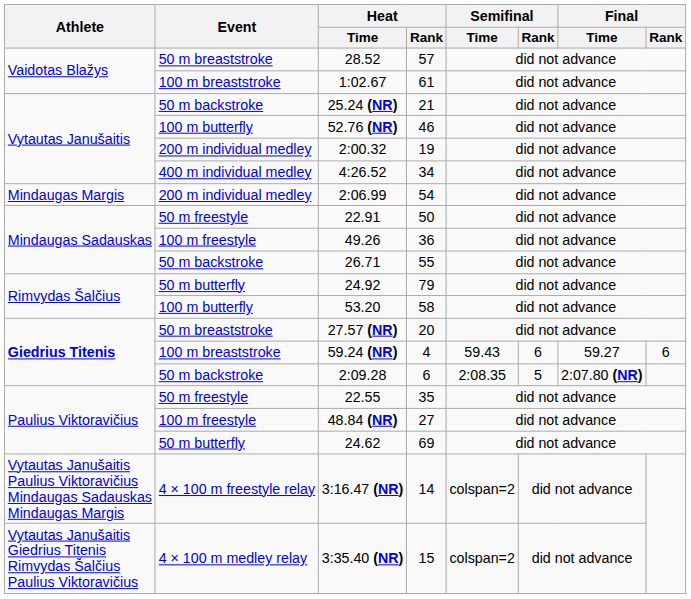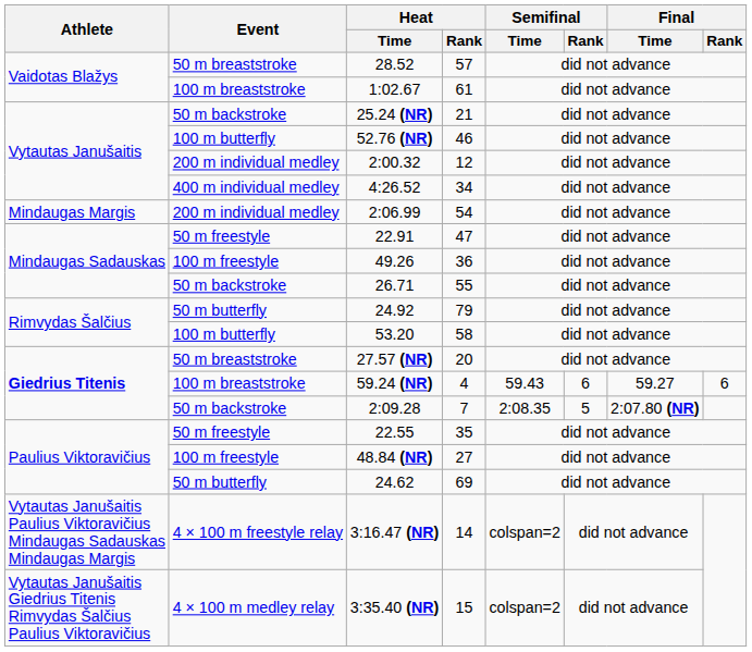 <table class=wikitable style="font-size:90%">
 <tr>
 <th rowspan="2">Athlete</th>
 <th rowspan="2">Event</th>
 <th colspan="2">Heat</th>
 <th colspan="2">Semifinal</th>
 <th colspan="2">Final</th>
 </tr>
 <tr style="font-size:95%">
 <th>Time</th>
 <th>Rank</th>
 <th>Time</th>
 <th>Rank</th>
 <th>Time</th>
 <th>Rank</th>
 </tr>
 <tr align=center>
 <td align=left rowspan=2><a href='#'>Vaidotas Blažys</a></td>
 <td align=left><a href='#'>50 m breaststroke</a></td>
 <td>28.52</td>
 <td>57</td>
 <td colspan=4>did not advance</td>
 </tr>
 <tr align=center>
 <td align=left><a href='#'>100 m breaststroke</a></td>
 <td>1:02.67</td>
 <td>61</td>
 <td colspan=4>did not advance</td>
 </tr>
 <tr align=center>
 <td align=left rowspan=4><a href='#'>Vytautas Janušaitis</a></td>
 <td align=left><a href='#'>50 m backstroke</a></td>
 <td>25.24 <strong>(<a href='#'>NR</a>)</strong></td>
 <td>21</td>
 <td colspan=4>did not advance</td>
 </tr>
 <tr align=center>
 <td align=left><a href='#'>100 m butterfly</a></td>
 <td>52.76 <strong>(<a href='#'>NR</a>)</strong></td>
 <td>46</td>
 <td colspan=4>did not advance</td>
 </tr>
 <tr align=center>
 <td align=left><a href='#'>200 m individual medley</a></td>
 <td>2:00.32</td>
-<td>19</td>
+<td>12</td>
 <td colspan=4>did not advance</td>
 </tr>
 <tr align=center>
 <td align=left><a href='#'>400 m individual medley</a></td>
 <td>4:26.52</td>
 <td>34</td>
 <td colspan=4>did not advance</td>
 </tr>
 <tr align=center>
 <td align=left><a href='#'>Mindaugas Margis</a></td>
 <td align=left><a href='#'>200 m individual medley</a></td>
 <td>2:06.99</td>
 <td>54</td>
 <td colspan=4>did not advance</td>
 </tr>
 <tr align=center>
 <td align=left rowspan=3><a href='#'>Mindaugas Sadauskas</a></td>
 <td align=left><a href='#'>50 m freestyle</a></td>
 <td>22.91</td>
-<td>50</td>
+<td>47</td>
 <td colspan=4>did not advance</td>
 </tr>
 <tr align=center>
 <td align=left><a href='#'>100 m freestyle</a></td>
 <td>49.26</td>
 <td>36</td>
 <td colspan=4>did not advance</td>
 </tr>
 <tr align=center>
 <td align=left><a href='#'>50 m backstroke</a></td>
 <td>26.71</td>
 <td>55</td>
 <td colspan=4>did not advance</td>
 </tr>
 <tr align=center>
 <td align=left rowspan=2><a href='#'>Rimvydas Šalčius</a></td>
 <td align=left><a href='#'>50 m butterfly</a></td>
 <td>24.92</td>
 <td>79</td>
 <td colspan=4>did not advance</td>
 </tr>
 <tr align=center>
 <td align=left><a href='#'>100 m butterfly</a></td>
 <td>53.20</td>
 <td>58</td>
 <td colspan=4>did not advance</td>
 </tr>
 <tr align=center>
 <td align=left rowspan=3><strong><a href='#'>Giedrius Titenis</a></strong></td>
 <td align=left><a href='#'>50 m breaststroke</a></td>
 <td>27.57  <strong>(<a href='#'>NR</a>)</strong></td>
 <td>20</td>
 <td colspan=4>did not advance</td>
 </tr>
 <tr align=center>
 <td align=left><a href='#'>100 m breaststroke</a></td>
 <td>59.24  <strong>(<a href='#'>NR</a>)</strong></td>
 <td>4</td>
 <td>59.43</td>
 <td>6</td>
 <td>59.27</td>
 <td>6</td>
 </tr>
 <tr align=center>
 <td align=left><a href='#'>50 m backstroke</a></td>
 <td>2:09.28</td>
-<td>6</td>
+<td>7</td>
 <td>2:08.35</td>
 <td>5</td>
 <td>2:07.80 <strong>(<a href='#'>NR</a>)</strong></td>
 <td></td>
 </tr>
 <tr align=center>
 <td align=left rowspan=3><a href='#'>Paulius Viktoravičius</a></td>
 <td align=left><a href='#'>50 m freestyle</a></td>
 <td>22.55</td>
 <td>35</td>
 <td colspan=4>did not advance</td>
 </tr>
 <tr align=center>
 <td align=left><a href='#'>100 m freestyle</a></td>
 <td>48.84 <strong>(<a href='#'>NR</a>)</strong></td>
 <td>27</td>
 <td colspan=4>did not advance</td>
 </tr>
 <tr align=center>
 <td align=left><a href='#'>50 m butterfly</a></td>
 <td>24.62</td>
 <td>69</td>
 <td colspan=4>did not advance</td>
 </tr>
 <tr align=center>
 <td align=left><a href='#'>Vytautas Janušaitis</a><br><a href='#'>Paulius Viktoravičius</a><br><a href='#'>Mindaugas Sadauskas</a><br><a href='#'>Mindaugas Margis</a></td>
 <td align=left><a href='#'>4 × 100 m freestyle relay</a></td>
 <td>3:16.47 <strong>(<a href='#'>NR</a>)</strong></td>
 <td>14</td>
 <td>colspan=2 </td>
 <td colspan=2>did not advance</td>
 </tr>
 <tr align=center>
 <td align=left><a href='#'>Vytautas Janušaitis</a><br><a href='#'>Giedrius Titenis</a><br><a href='#'>Rimvydas Šalčius</a><br><a href='#'>Paulius Viktoravičius</a></td>
 <td align=left><a href='#'>4 × 100 m medley relay</a></td>
 <td>3:35.40 <strong>(<a href='#'>NR</a>)</strong></td>
 <td>15</td>
 <td>colspan=2 </td>
 <td colspan=2>did not advance</td>
 </tr>
 </table>
